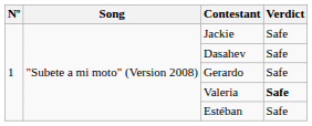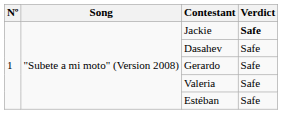 <table class="wikitable sortable">
 <tr>
 <th>Nº</th>
 <th>Song</th>
 <th>Contestant</th>
 <th>Verdict</th>
 </tr>
 <tr>
 <td rowspan=5>1</td>
 <td rowspan=5>"Subete a mi moto" (Version 2008)</td>
 <td>Jackie</td>
-<td>Safe</td>
+<td><strong>Safe</strong></td>
 </tr>
 <tr>
 <td>Dasahev</td>
 <td>Safe</td>
 </tr>
 <tr>
 <td>Gerardo</td>
 <td>Safe</td>
 </tr>
 <tr>
 <td>Valeria</td>
-<td><strong>Safe</strong></td>
+<td>Safe</td>
 </tr>
 <tr>
 <td>Estéban</td>
 <td>Safe</td>
 </tr>
 </table>
